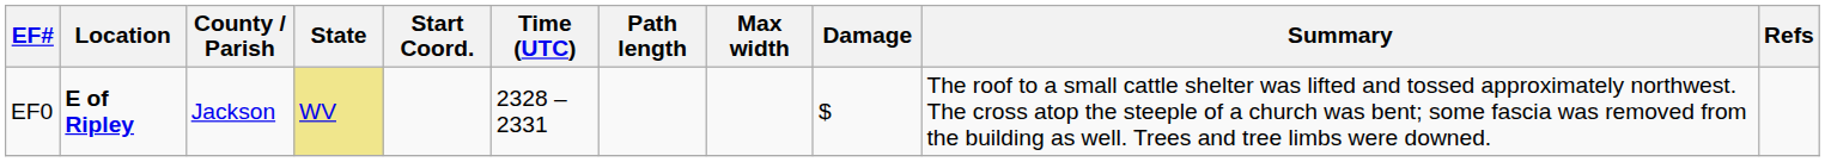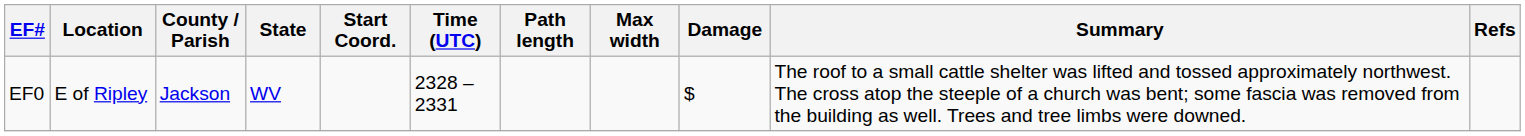 <table class="wikitable sortable" style="width:100%;">
 <tr>
 <th scope="col" width="3%" align="center"><a href='#'>EF#</a></th>
 <th scope="col" width="7%" align="center" class="unsortable">Location</th>
 <th scope="col" width="6%" align="center" class="unsortable">County / Parish</th>
 <th scope="col" width="5%" align="center">State</th>
 <th scope="col" width="6%" align="center">Start Coord.</th>
 <th scope="col" width="6%" align="center">Time (<a href='#'>UTC</a>)</th>
 <th scope="col" width="6%" align="center">Path length</th>
 <th scope="col" width="6%" align="center">Max width</th>
 <th scope="col" width="6%" align="center">Damage</th>
 <th scope="col" width="48%" class="unsortable" align="center">Summary</th>
 <th scope="col" width="48%" class="unsortable" align="center">Refs</th>
 </tr>
 <tr>
 <td>EF0</td>
-<td><strong>E of <a href='#'>Ripley</a></strong></td>
+<td>E of <a href='#'>Ripley</a></td>
 <td><a href='#'>Jackson</a></td>
-<td style="background: khaki;"><a href='#'>WV</a></td>
+<td><a href='#'>WV</a></td>
 <td></td>
 <td>2328 – 2331</td>
 <td></td>
 <td></td>
 <td>$</td>
 <td>The roof to a small cattle shelter was lifted and tossed approximately  northwest. The cross atop the steeple of a church was bent; some fascia was removed from the building as well. Trees and tree limbs were downed.</td>
 <td></td>
 </tr>
 <tr>
 </tr>
 </table>
